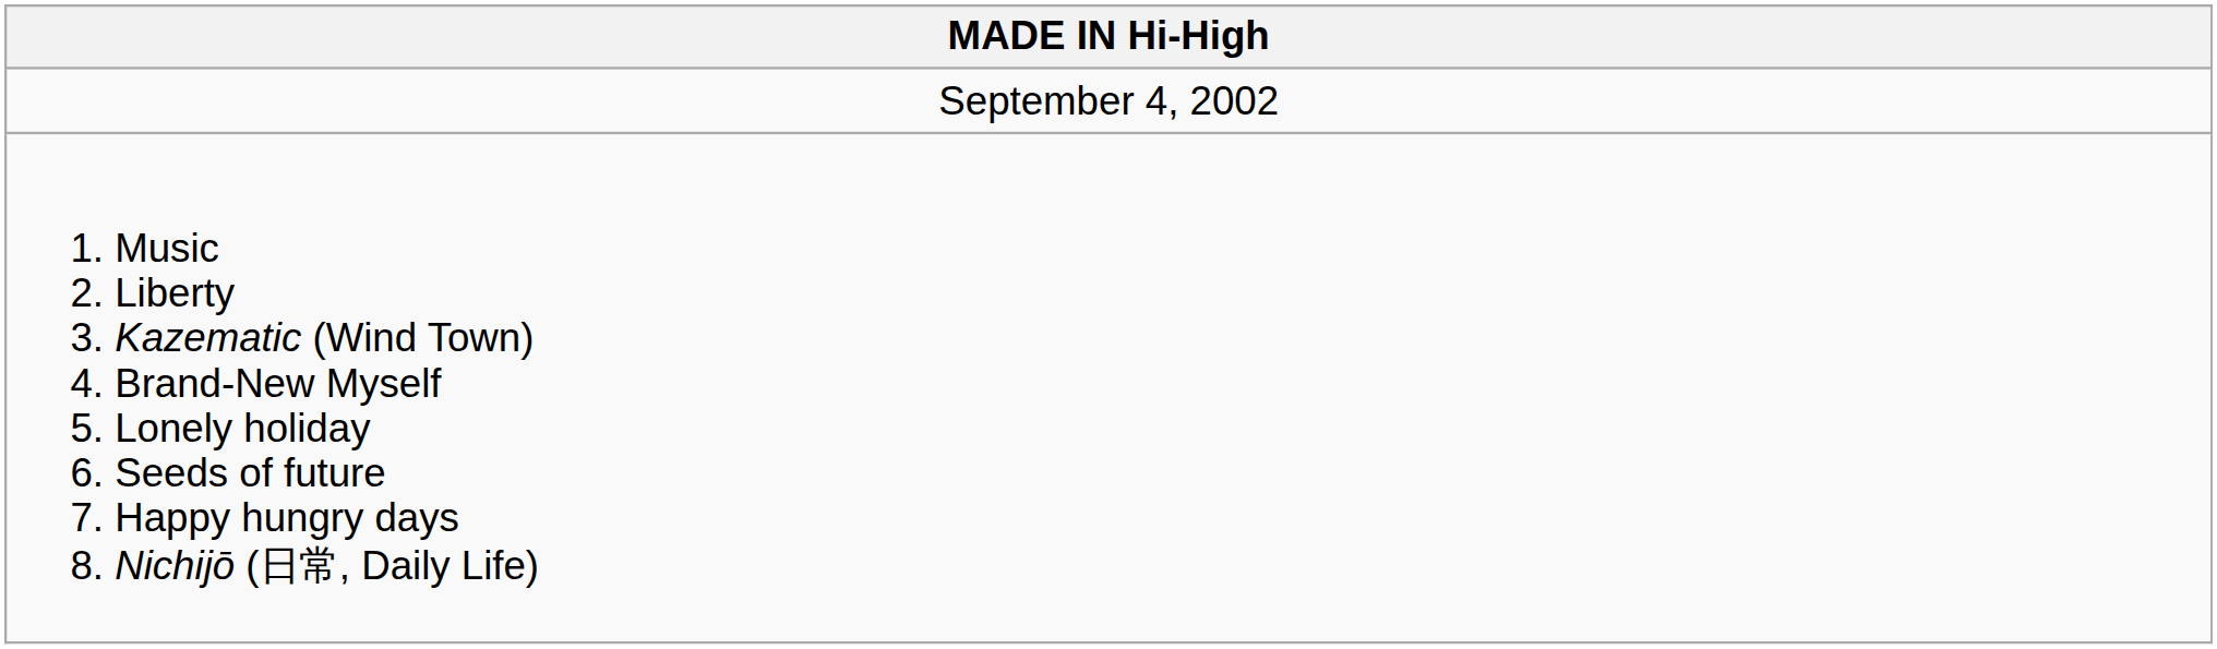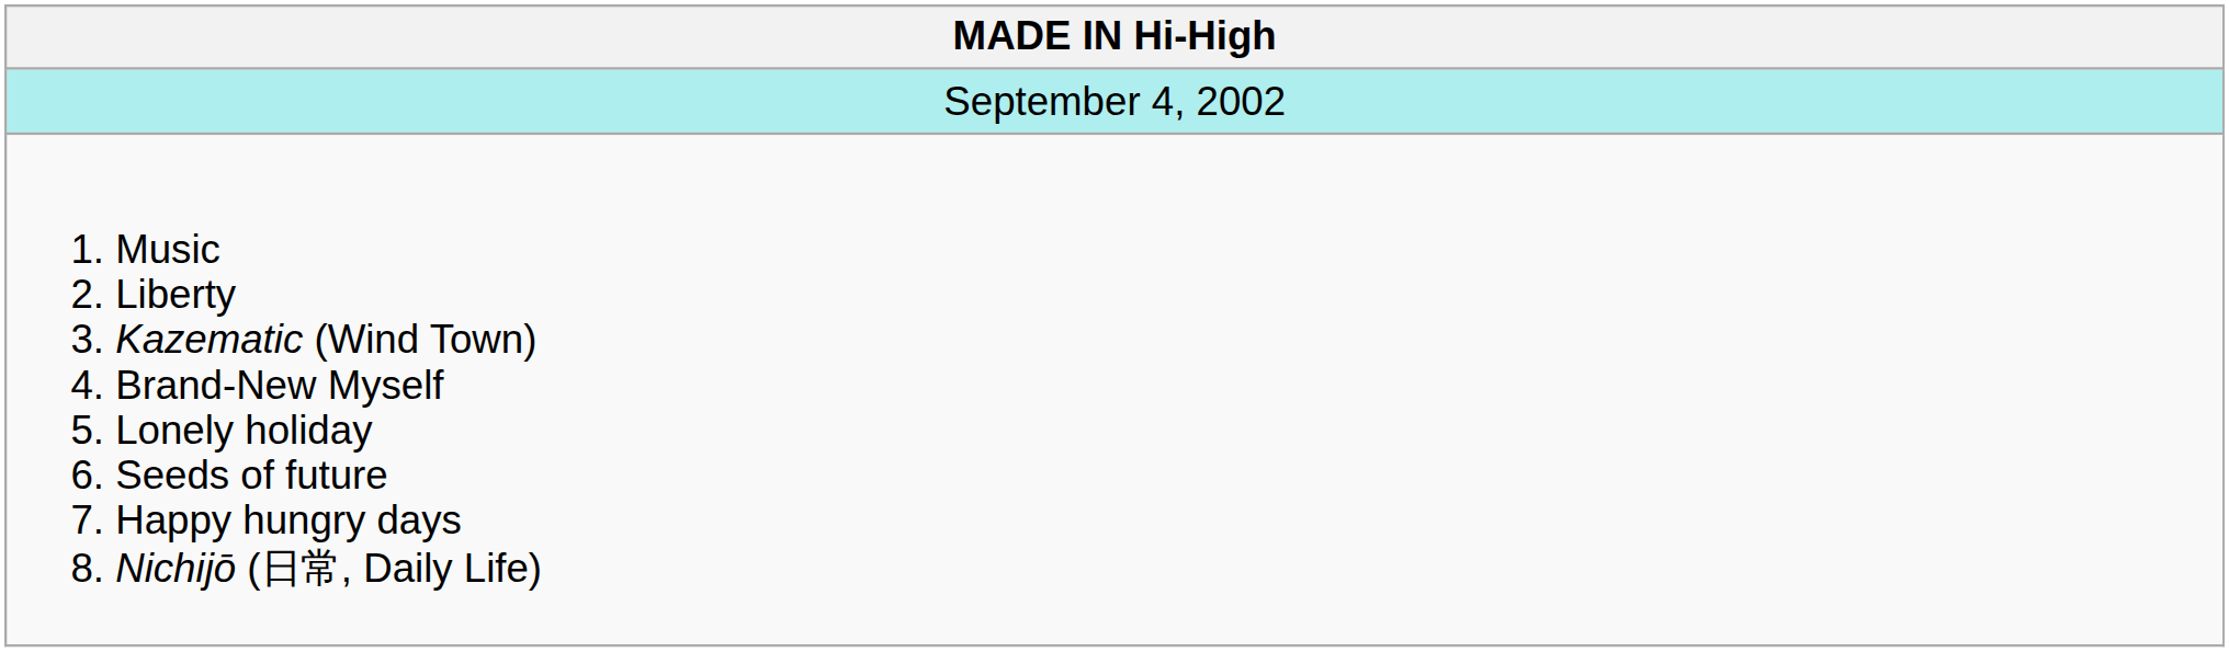 <table class="wikitable" style="width:100%">
 <tr>
 <th>MADE IN Hi-High</th>
 </tr>
 <tr>
-<td style="text-align:center">September 4, 2002</td>
+<td style="background: paleturquoise; text-align:center">September 4, 2002</td>
 </tr>
 <tr>
 <td><br><ol><li>Music</li><li>Liberty</li><li><em>Kazematic</em> (Wind Town)</li><li>Brand-New Myself</li><li>Lonely holiday</li><li>Seeds of future</li><li>Happy hungry days</li><li><em>Nichijō</em> (日常, Daily Life)</li></ol></td>
 </tr>
 </table>
